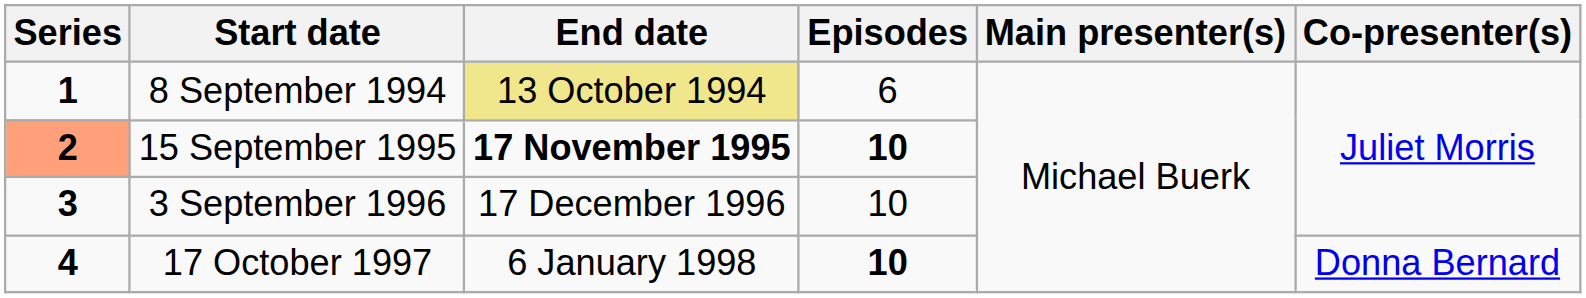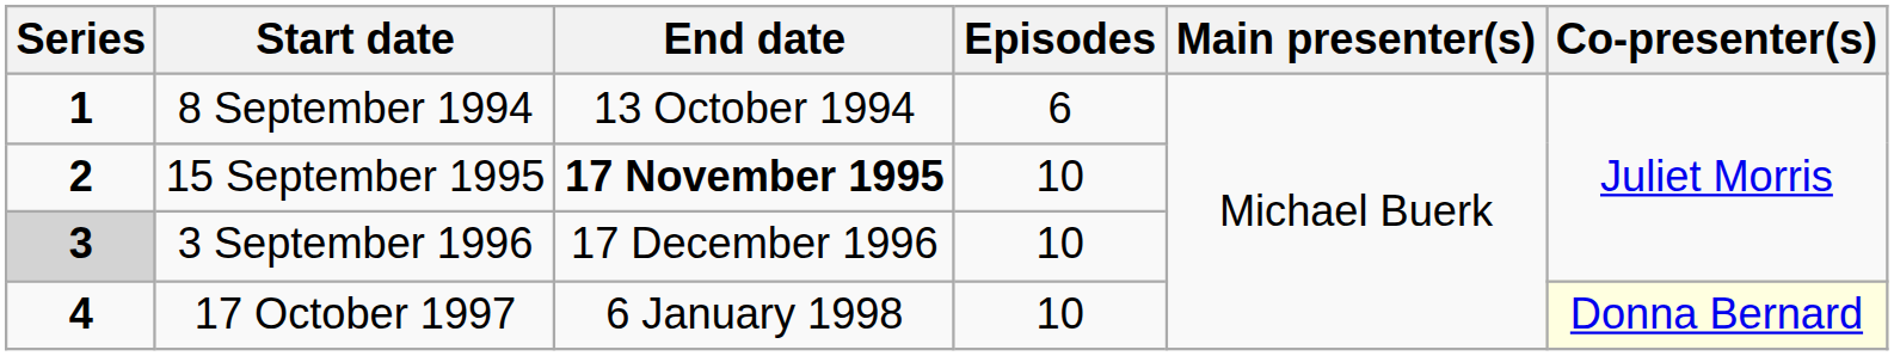 <table class="wikitable" style="text-align:center;">
 <tr>
 <th>Series</th>
 <th>Start date</th>
 <th>End date</th>
 <th>Episodes</th>
 <th>Main presenter(s)</th>
 <th>Co-presenter(s)</th>
 </tr>
 <tr>
 <td><strong>1</strong></td>
 <td>8 September 1994</td>
-<td style="background: khaki;">13 October 1994</td>
+<td>13 October 1994</td>
 <td>6</td>
 <td rowspan="4">Michael Buerk</td>
 <td rowspan="3"><a href='#'>Juliet Morris</a></td>
 </tr>
 <tr>
-<td style="background: lightsalmon;"><strong>2</strong></td>
+<td><strong>2</strong></td>
 <td>15 September 1995</td>
 <td><strong>17 November 1995</strong></td>
-<td><strong>10</strong></td>
+<td>10</td>
 </tr>
 <tr>
-<td><strong>3</strong></td>
+<td style="background: lightgrey;"><strong>3</strong></td>
 <td>3 September 1996</td>
 <td>17 December 1996</td>
 <td>10</td>
 </tr>
 <tr>
 <td><strong>4</strong></td>
 <td>17 October 1997</td>
 <td>6 January 1998</td>
-<td><strong>10</strong></td>
-<td><a href='#'>Donna Bernard</a></td>
+<td>10</td>
+<td style="background: lightyellow;"><a href='#'>Donna Bernard</a></td>
 </tr>
 </table>
